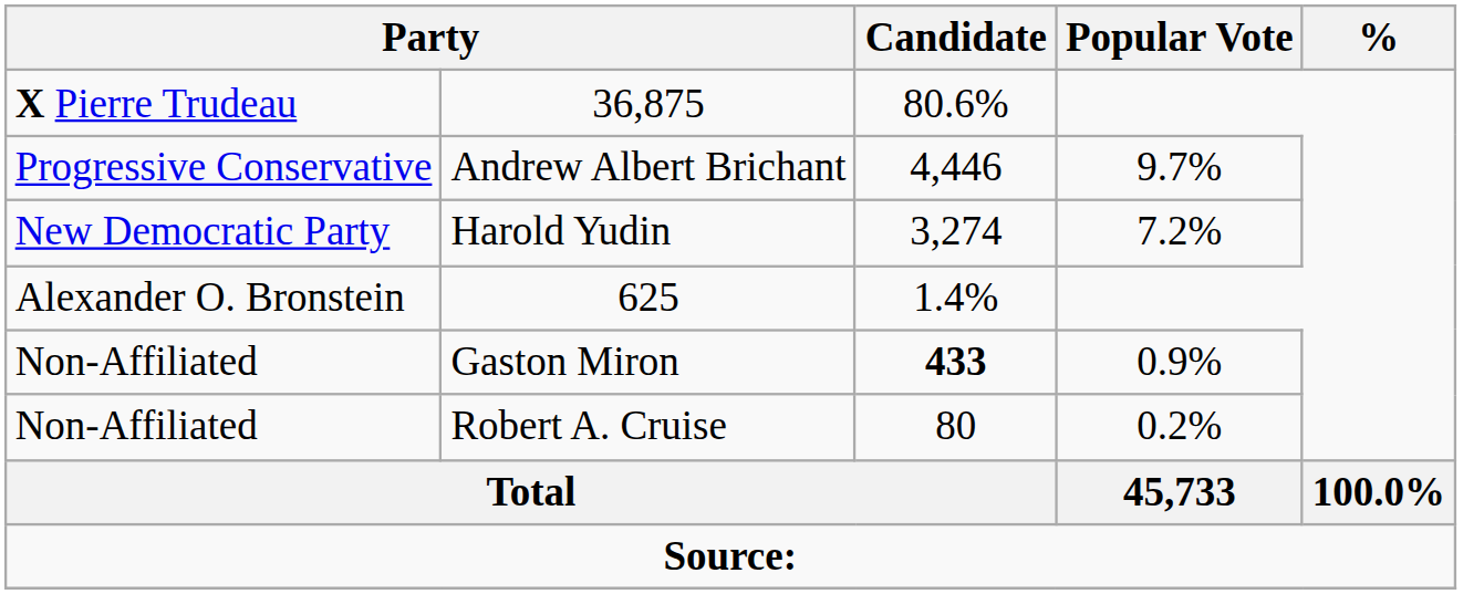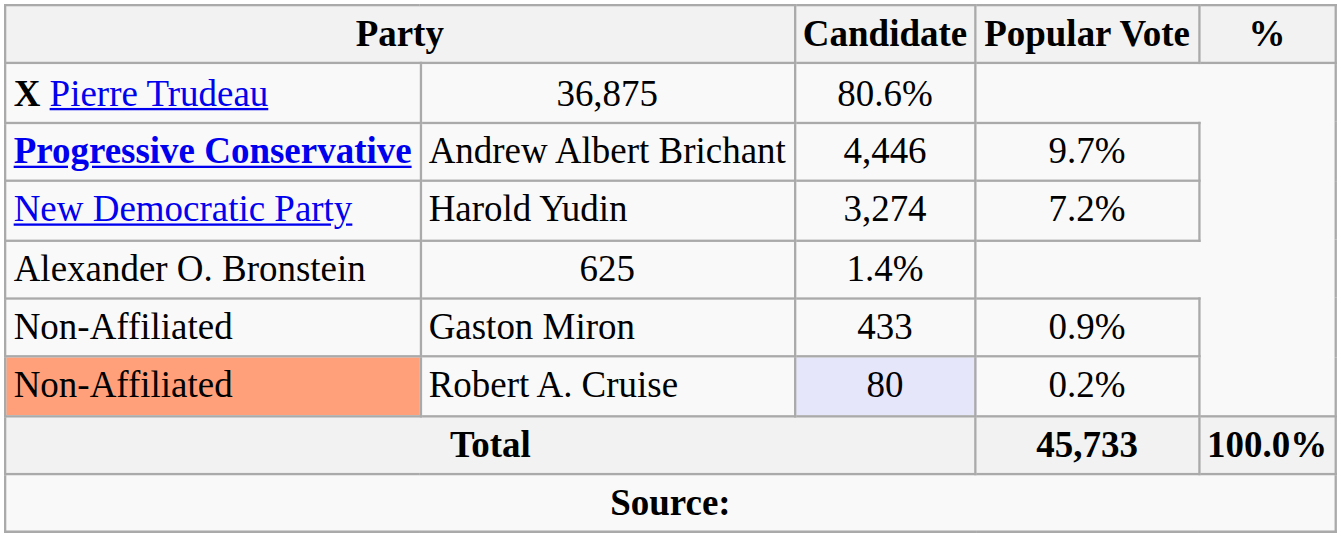 <table class="wikitable">
 <tr>
 <th colspan="2">Party</th>
 <th>Candidate</th>
 <th>Popular Vote</th>
 <th>%</th>
 </tr>
 <tr>
 <td> <strong>X</strong> <a href='#'>Pierre Trudeau</a></td>
 <td align=center>36,875</td>
 <td align=center>80.6%</td>
 </tr>
 <tr>
-<td><a href='#'>Progressive Conservative</a></td>
+<td><strong><a href='#'>Progressive Conservative</a></strong></td>
 <td>Andrew Albert Brichant</td>
 <td align=center>4,446</td>
 <td align=center>9.7%</td>
 </tr>
 <tr>
 <td><a href='#'>New Democratic Party</a></td>
 <td>Harold Yudin</td>
 <td align=center>3,274</td>
 <td align=center>7.2%</td>
 </tr>
 <tr>
 <td>Alexander O. Bronstein</td>
 <td align=center>625</td>
 <td align=center>1.4%</td>
 </tr>
 <tr>
 <td>Non-Affiliated</td>
 <td>Gaston Miron</td>
-<td align=center><strong>433</strong></td>
+<td align=center>433</td>
 <td align=center>0.9%</td>
 </tr>
 <tr>
-<td>Non-Affiliated</td>
+<td style="background: lightsalmon;">Non-Affiliated</td>
 <td>Robert A. Cruise</td>
-<td align=center>80</td>
+<td align=center style="background: lavender;">80</td>
 <td align=center>0.2%</td>
 </tr>
 <tr>
 <th colspan=3 align=center>Total</th>
 <th align=right>45,733</th>
 <th align=right>100.0%</th>
 </tr>
 <tr>
 <td align="center" colspan=5><strong>Source:</strong> </td>
 </tr>
 <tr>
 </tr>
 </table>
